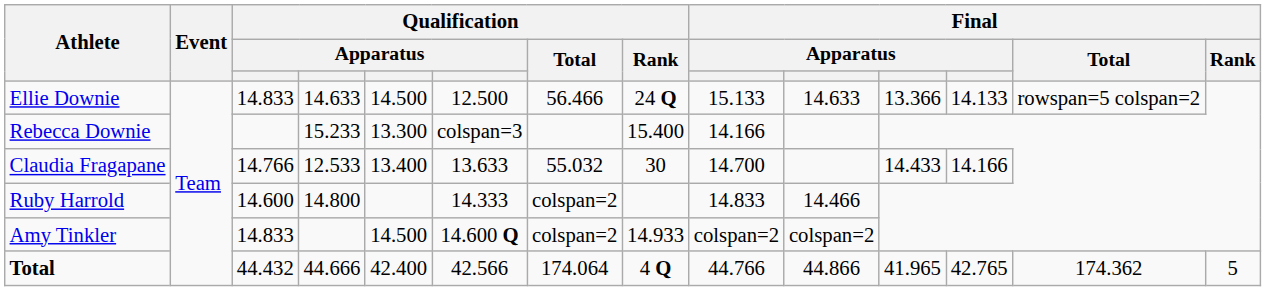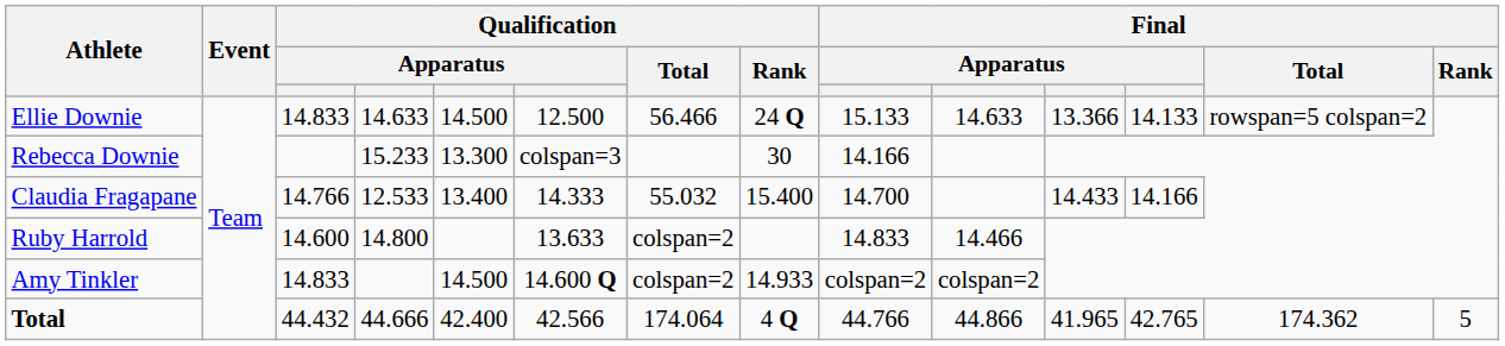 <table class="wikitable" style="font-size:90%">
 <tr>
 <th rowspan=3>Athlete</th>
 <th rowspan=3>Event</th>
 <th colspan=6>Qualification</th>
 <th colspan=6>Final</th>
 </tr>
 <tr style="font-size:95%">
 <th colspan=4>Apparatus</th>
 <th rowspan=2>Total</th>
 <th rowspan=2>Rank</th>
 <th colspan=4>Apparatus</th>
 <th rowspan=2>Total</th>
 <th rowspan=2>Rank</th>
 </tr>
 <tr style="font-size:95%">
 <th></th>
 <th></th>
 <th></th>
 <th></th>
 <th></th>
 <th></th>
 <th></th>
 <th></th>
 </tr>
 <tr align=center>
 <td align=left><a href='#'>Ellie Downie</a></td>
 <td align=left rowspan=6><a href='#'>Team</a></td>
 <td>14.833</td>
 <td>14.633</td>
 <td>14.500</td>
 <td>12.500</td>
 <td>56.466</td>
 <td>24 <strong>Q</strong></td>
 <td>15.133</td>
 <td>14.633</td>
 <td>13.366</td>
 <td>14.133</td>
 <td>rowspan=5 colspan=2 </td>
 </tr>
 <tr align=center>
 <td align=left><a href='#'>Rebecca Downie</a></td>
 <td></td>
 <td>15.233</td>
 <td>13.300</td>
 <td>colspan=3 </td>
 <td></td>
-<td>15.400</td>
+<td>30</td>
 <td>14.166</td>
 <td></td>
 </tr>
 <tr align=center>
 <td align=left><a href='#'>Claudia Fragapane</a></td>
 <td>14.766</td>
 <td>12.533</td>
 <td>13.400</td>
-<td>13.633</td>
+<td>14.333</td>
 <td>55.032</td>
-<td>30</td>
+<td>15.400</td>
 <td>14.700</td>
 <td></td>
 <td>14.433</td>
 <td>14.166</td>
 </tr>
 <tr align=center>
 <td align=left><a href='#'>Ruby Harrold</a></td>
 <td>14.600</td>
 <td>14.800</td>
 <td></td>
-<td>14.333</td>
+<td>13.633</td>
 <td>colspan=2 </td>
 <td></td>
 <td>14.833</td>
 <td>14.466</td>
 </tr>
 <tr align=center>
 <td align=left><a href='#'>Amy Tinkler</a></td>
 <td>14.833</td>
 <td></td>
 <td>14.500</td>
 <td>14.600 <strong>Q</strong></td>
 <td>colspan=2 </td>
 <td>14.933</td>
 <td>colspan=2 </td>
 <td>colspan=2 </td>
 </tr>
 <tr align=center>
 <td align=left><strong>Total</strong></td>
 <td>44.432</td>
 <td>44.666</td>
 <td>42.400</td>
 <td>42.566</td>
 <td>174.064</td>
 <td>4 <strong>Q</strong></td>
 <td>44.766</td>
 <td>44.866</td>
 <td>41.965</td>
 <td>42.765</td>
 <td>174.362</td>
 <td>5</td>
 </tr>
 </table>
